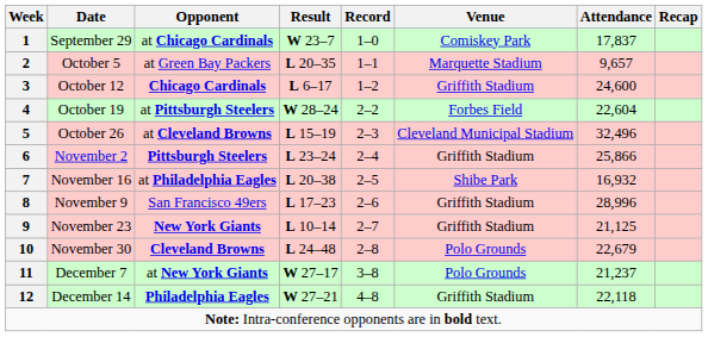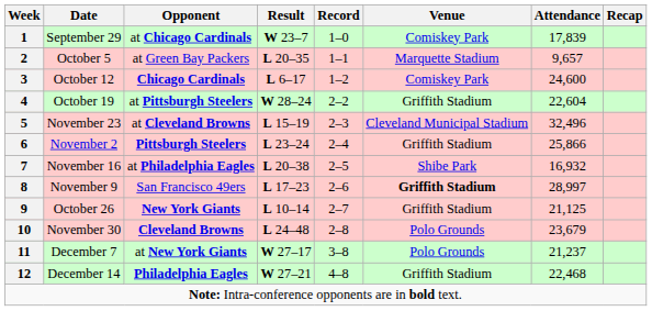 <table class="wikitable" style="text-align:center">
 <tr>
 <th>Week</th>
 <th>Date</th>
 <th>Opponent</th>
 <th>Result</th>
 <th>Record</th>
 <th>Venue</th>
 <th>Attendance</th>
 <th>Recap</th>
 </tr>
 <tr style="background:#cfc">
 <th>1</th>
 <td>September 29</td>
 <td>at <strong><a href='#'>Chicago Cardinals</a></strong></td>
 <td><strong>W</strong> 23–7</td>
 <td>1–0</td>
 <td><a href='#'>Comiskey Park</a></td>
-<td>17,837</td>
+<td>17,839</td>
 <td></td>
 </tr>
 <tr style="background:#fcc">
 <th>2</th>
 <td>October 5</td>
 <td>at <a href='#'>Green Bay Packers</a></td>
 <td><strong>L</strong> 20–35</td>
 <td>1–1</td>
 <td><a href='#'>Marquette Stadium</a></td>
 <td>9,657</td>
 <td></td>
 </tr>
 <tr style="background:#fcc">
 <th>3</th>
 <td>October 12</td>
 <td><strong><a href='#'>Chicago Cardinals</a></strong></td>
 <td><strong>L</strong> 6–17</td>
 <td>1–2</td>
-<td><a href='#'>Griffith Stadium</a></td>
+<td><a href='#'>Comiskey Park</a></td>
 <td>24,600</td>
 <td></td>
 </tr>
 <tr style="background:#cfc">
 <th>4</th>
 <td>October 19</td>
 <td>at <strong><a href='#'>Pittsburgh Steelers</a></strong></td>
 <td><strong>W</strong> 28–24</td>
 <td>2–2</td>
-<td><a href='#'>Forbes Field</a></td>
+<td>Griffith Stadium</td>
 <td>22,604</td>
 <td></td>
 </tr>
 <tr style="background:#fcc">
 <th>5</th>
-<td>October 26</td>
+<td>November 23</td>
 <td>at <strong><a href='#'>Cleveland Browns</a></strong></td>
 <td><strong>L</strong> 15–19</td>
 <td>2–3</td>
 <td><a href='#'>Cleveland Municipal Stadium</a></td>
 <td>32,496</td>
 <td></td>
 </tr>
 <tr style="background:#fcc">
 <th>6</th>
 <td><a href='#'>November 2</a></td>
 <td><strong><a href='#'>Pittsburgh Steelers</a></strong></td>
 <td><strong>L</strong> 23–24</td>
 <td>2–4</td>
 <td>Griffith Stadium</td>
 <td>25,866</td>
 <td></td>
 </tr>
 <tr style="background:#fcc">
 <th>7</th>
 <td>November 16</td>
 <td>at <strong><a href='#'>Philadelphia Eagles</a></strong></td>
 <td><strong>L</strong> 20–38</td>
 <td>2–5</td>
 <td><a href='#'>Shibe Park</a></td>
 <td>16,932</td>
 <td></td>
 </tr>
 <tr style="background:#fcc">
 <th>8</th>
 <td>November 9</td>
 <td><a href='#'>San Francisco 49ers</a></td>
 <td><strong>L</strong> 17–23</td>
 <td>2–6</td>
-<td>Griffith Stadium</td>
-<td>28,996</td>
+<td><strong>Griffith Stadium</strong></td>
+<td>28,997</td>
 <td></td>
 </tr>
 <tr style="background:#fcc">
 <th>9</th>
-<td>November 23</td>
+<td>October 26</td>
 <td><strong><a href='#'>New York Giants</a></strong></td>
 <td><strong>L</strong> 10–14</td>
 <td>2–7</td>
 <td>Griffith Stadium</td>
 <td>21,125</td>
 <td></td>
 </tr>
 <tr style="background:#fcc">
 <th>10</th>
 <td>November 30</td>
 <td><strong><a href='#'>Cleveland Browns</a></strong></td>
 <td><strong>L</strong> 24–48</td>
 <td>2–8</td>
 <td><a href='#'>Polo Grounds</a></td>
-<td>22,679</td>
+<td>23,679</td>
 <td></td>
 </tr>
 <tr style="background:#cfc">
 <th>11</th>
 <td>December 7</td>
 <td>at <strong><a href='#'>New York Giants</a></strong></td>
 <td><strong>W</strong> 27–17</td>
 <td>3–8</td>
 <td><a href='#'>Polo Grounds</a></td>
 <td>21,237</td>
 <td></td>
 </tr>
 <tr style="background:#cfc">
 <th>12</th>
 <td>December 14</td>
 <td><strong><a href='#'>Philadelphia Eagles</a></strong></td>
 <td><strong>W</strong> 27–21</td>
 <td>4–8</td>
 <td>Griffith Stadium</td>
-<td>22,118</td>
+<td>22,468</td>
 <td></td>
 </tr>
 <tr>
 <td colspan="8"><strong>Note:</strong> Intra-conference opponents are in <strong>bold</strong> text.</td>
 </tr>
 </table>
